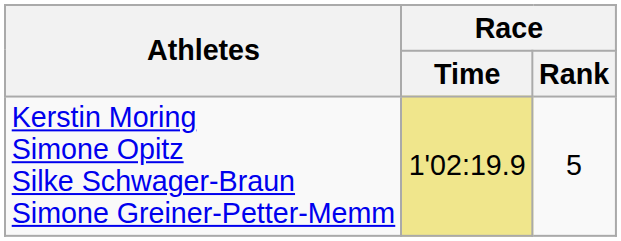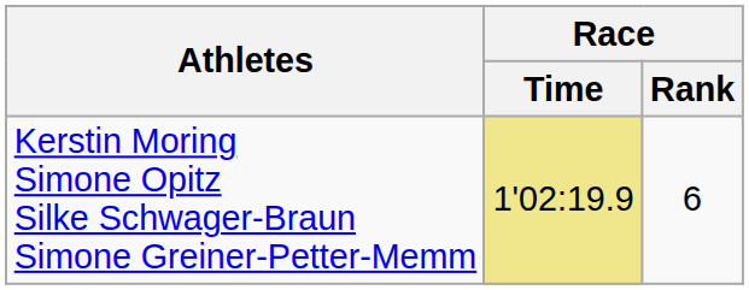 <table class="wikitable" border="1" style="font-size:90%">
 <tr>
 <th rowspan=2>Athletes</th>
 <th colspan=2>Race</th>
 </tr>
 <tr>
 <th>Time</th>
 <th>Rank</th>
 </tr>
 <tr>
 <td><a href='#'>Kerstin Moring</a><br><a href='#'>Simone Opitz</a><br><a href='#'>Silke Schwager-Braun</a><br><a href='#'>Simone Greiner-Petter-Memm</a></td>
 <td align=center style="background: khaki;">1'02:19.9</td>
-<td align=center>5</td>
+<td align=center>6</td>
 </tr>
 </table>
